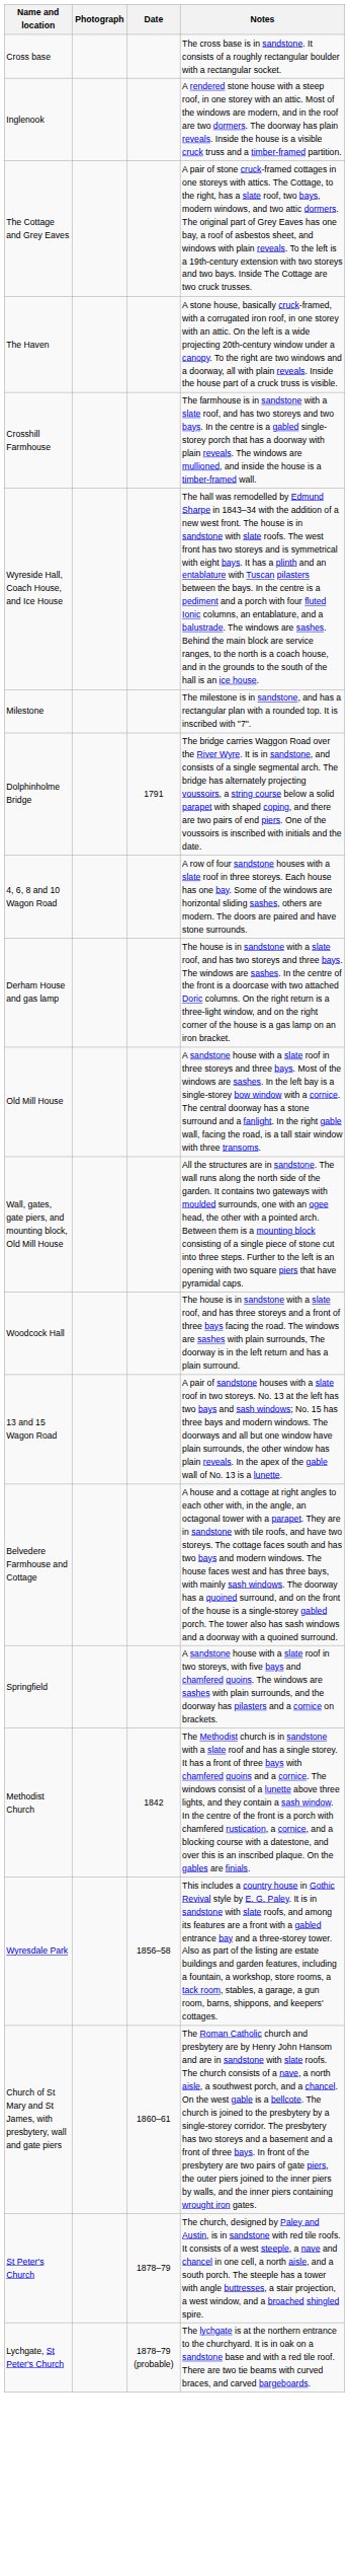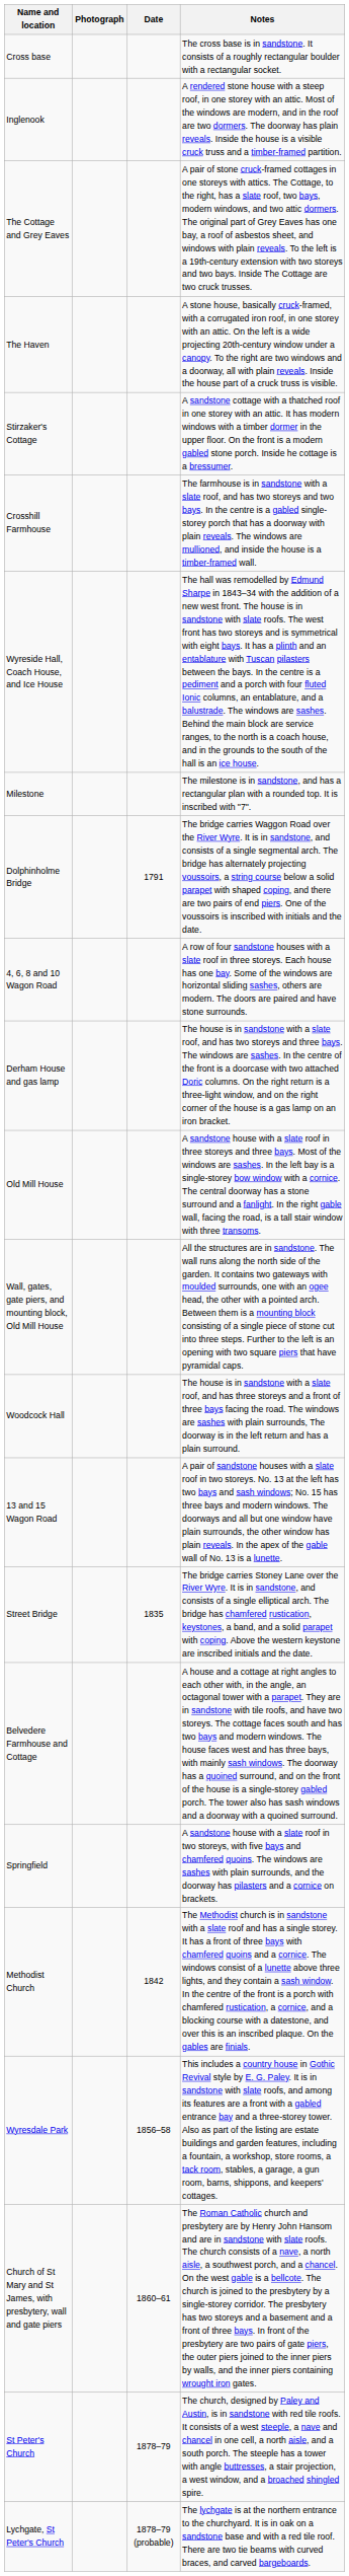 <table class="wikitable sortable plainrowheaders" style="width:100%;border:0px;text-align:left;line-height:150%;">
 <tr>
 <th scope="col"  style="width:150px">Name and location</th>
 <th scope="col"  style="width:100px" class="unsortable">Photograph</th>
 <th scope="col"  style="width:120px">Date</th>
 <th scope="col"  style="width:650px" class="unsortable">Notes</th>
 </tr>
 <tr>
 <td>Cross base<br><small></small></td>
 <td></td>
 <td align="center"></td>
 <td>The cross base is in <a href='#'>sandstone</a>.  It consists of a roughly rectangular boulder with a rectangular socket.</td>
 </tr>
 <tr>
 <td>Inglenook<br><small></small></td>
 <td></td>
 <td align="center"></td>
 <td>A <a href='#'>rendered</a> stone house with a steep roof, in one storey with an attic.  Most of the windows are modern, and in the roof are two <a href='#'>dormers</a>.  The doorway has plain <a href='#'>reveals</a>.  Inside the house is a visible <a href='#'>cruck</a> truss and a <a href='#'>timber-framed</a> partition.</td>
 </tr>
 <tr>
 <td>The Cottage and Grey Eaves<br><small></small></td>
 <td></td>
 <td align="center"></td>
 <td>A pair of stone <a href='#'>cruck</a>-framed cottages in one storeys with attics.  The Cottage, to the right, has a <a href='#'>slate</a> roof, two <a href='#'>bays</a>, modern windows, and two attic <a href='#'>dormers</a>.  The original part of Grey Eaves has one bay, a roof of asbestos sheet, and windows with plain <a href='#'>reveals</a>.  To the left is a 19th-century extension with two storeys and two bays.  Inside The Cottage are two cruck trusses.</td>
 </tr>
 <tr>
 <td>The Haven<br><small></small></td>
 <td></td>
 <td align="center"></td>
 <td>A stone house, basically <a href='#'>cruck</a>-framed, with a corrugated iron roof, in one storey with an attic.  On the left is a wide projecting 20th-century window under a <a href='#'>canopy</a>.  To the right are two windows and a doorway, all with plain <a href='#'>reveals</a>.  Inside the house part of a cruck truss is visible.</td>
+</tr>
+<tr>
+<td>Stirzaker's Cottage<br><small></small></td>
+<td></td>
+<td align="center"></td>
+<td>A <a href='#'>sandstone</a> cottage with a thatched roof in one storey with an attic.  It has modern windows with a timber <a href='#'>dormer</a> in the upper floor.  On the front is a modern <a href='#'>gabled</a> stone porch.  Inside he cottage is a <a href='#'>bressumer</a>.</td>
 </tr>
 <tr>
 <td>Crosshill Farmhouse<br><small></small></td>
 <td></td>
 <td align="center"></td>
 <td>The farmhouse is in <a href='#'>sandstone</a> with a <a href='#'>slate</a> roof, and has two storeys and two <a href='#'>bays</a>.  In the centre is a <a href='#'>gabled</a> single-storey porch that has a doorway with plain <a href='#'>reveals</a>.  The windows are <a href='#'>mullioned</a>, and inside the house is a <a href='#'>timber-framed</a> wall.</td>
 </tr>
 <tr>
 <td>Wyreside Hall, Coach House,<br>and Ice House<br><small></small></td>
 <td></td>
 <td align="center"></td>
 <td>The hall was remodelled by <a href='#'>Edmund Sharpe</a> in 1843–34 with the addition of a new west front.  The house is in <a href='#'>sandstone</a> with <a href='#'>slate</a> roofs.  The west front has two storeys and is symmetrical with eight <a href='#'>bays</a>.  It has a <a href='#'>plinth</a> and an <a href='#'>entablature</a> with <a href='#'>Tuscan</a> <a href='#'>pilasters</a> between the bays.  In the centre is a <a href='#'>pediment</a> and a porch with four <a href='#'>fluted</a> <a href='#'>Ionic</a> columns, an entablature, and a <a href='#'>balustrade</a>.  The windows are <a href='#'>sashes</a>.  Behind the main block are service ranges, to the north is a coach house, and in the grounds to the south of the hall is an <a href='#'>ice house</a>.</td>
 </tr>
 <tr>
 <td>Milestone<br><small></small></td>
 <td></td>
 <td align="center"></td>
 <td>The milestone is in <a href='#'>sandstone</a>, and has a rectangular plan with a rounded top.  It is inscribed with "7".</td>
 </tr>
 <tr>
 <td>Dolphinholme Bridge<br><small></small></td>
 <td></td>
 <td align="center">1791</td>
 <td>The bridge carries Waggon Road over the <a href='#'>River Wyre</a>.  It is in <a href='#'>sandstone</a>, and consists of a single segmental arch.  The bridge has alternately projecting <a href='#'>voussoirs</a>, a <a href='#'>string course</a> below a solid <a href='#'>parapet</a> with shaped <a href='#'>coping</a>, and there are two pairs of end <a href='#'>piers</a>.  One of the voussoirs is inscribed with initials and the date.</td>
 </tr>
 <tr>
 <td>4, 6, 8 and 10 Wagon Road<br><small></small></td>
 <td></td>
 <td align="center"></td>
 <td>A row of four <a href='#'>sandstone</a> houses with a <a href='#'>slate</a> roof in three storeys.  Each house has one <a href='#'>bay</a>.  Some of the windows are horizontal sliding <a href='#'>sashes</a>, others are modern.  The doors are paired and have stone surrounds.</td>
 </tr>
 <tr>
 <td>Derham House and gas lamp<br><small></small></td>
 <td></td>
 <td align="center"></td>
 <td>The house is in <a href='#'>sandstone</a> with a <a href='#'>slate</a> roof, and has two storeys and three <a href='#'>bays</a>.  The windows are <a href='#'>sashes</a>.  In the centre of the front is a doorcase with two attached <a href='#'>Doric</a> columns.  On the right return is a three-light window, and on the right corner of the house is a gas lamp on an iron bracket.</td>
 </tr>
 <tr>
 <td>Old Mill House<br><small></small></td>
 <td></td>
 <td align="center"></td>
 <td>A <a href='#'>sandstone</a> house with a <a href='#'>slate</a> roof in three storeys and three <a href='#'>bays</a>.  Most of the windows are <a href='#'>sashes</a>.  In the left bay is a single-storey <a href='#'>bow window</a> with a <a href='#'>cornice</a>.  The central doorway has a stone surround and a <a href='#'>fanlight</a>.  In the right <a href='#'>gable</a> wall, facing the road, is a tall stair window with three <a href='#'>transoms</a>.</td>
 </tr>
 <tr>
 <td>Wall, gates, gate piers, and mounting block, Old Mill House<br><small></small></td>
 <td></td>
 <td align="center"></td>
 <td>All the structures are in <a href='#'>sandstone</a>.  The wall runs along the north side of the garden.  It contains two gateways with <a href='#'>moulded</a> surrounds, one with an <a href='#'>ogee</a> head, the other with a pointed arch.  Between them is a <a href='#'>mounting block</a> consisting of a single piece of stone cut into three steps.  Further to the left is an opening with two square <a href='#'>piers</a> that have pyramidal caps.</td>
 </tr>
 <tr>
 <td>Woodcock Hall<br><small></small></td>
 <td></td>
 <td align="center"></td>
 <td>The house is in <a href='#'>sandstone</a> with a <a href='#'>slate</a> roof, and has three storeys and a front of three <a href='#'>bays</a> facing the road.  The windows are <a href='#'>sashes</a> with plain surrounds,  The doorway is in the left return and has a plain surround.</td>
 </tr>
 <tr>
 <td>13 and 15 Wagon Road<br><small></small></td>
 <td></td>
 <td align="center"></td>
 <td>A pair of <a href='#'>sandstone</a> houses with a <a href='#'>slate</a> roof in two storeys.  No. 13 at the left has two <a href='#'>bays</a> and <a href='#'>sash windows</a>; No. 15 has three bays and modern windows.  The doorways and all but one window have plain surrounds, the other window has plain <a href='#'>reveals</a>.  In the apex of the <a href='#'>gable</a> wall of No. 13 is a <a href='#'>lunette</a>.</td>
 </tr>
 <tr>
+<td>Street Bridge<br><small></small></td>
+<td></td>
+<td align="center">1835</td>
+<td>The bridge carries Stoney Lane over the <a href='#'>River Wyre</a>.  It is in <a href='#'>sandstone</a>, and consists of a single elliptical arch.  The bridge has <a href='#'>chamfered</a> <a href='#'>rustication</a>, <a href='#'>keystones</a>, a band, and a solid <a href='#'>parapet</a> with <a href='#'>coping</a>.  Above the western keystone are inscribed initials and the date.</td>
+</tr>
+<tr>
 <td>Belvedere Farmhouse and Cottage<br><small></small></td>
 <td></td>
 <td align="center"></td>
 <td>A house and a cottage at right angles to each other with, in the angle, an octagonal tower with a <a href='#'>parapet</a>.  They are in <a href='#'>sandstone</a> with tile roofs, and have two storeys.  The cottage faces south and has two <a href='#'>bays</a> and modern windows.  The house faces west and has three bays, with mainly <a href='#'>sash windows</a>.  The doorway has a <a href='#'>quoined</a> surround, and on the front of the house is a single-storey <a href='#'>gabled</a> porch.  The tower also has sash windows and a doorway with a quoined surround.</td>
 </tr>
 <tr>
 <td>Springfield<br><small></small></td>
 <td></td>
 <td align="center"></td>
 <td>A <a href='#'>sandstone</a> house with a <a href='#'>slate</a> roof in two storeys, with five <a href='#'>bays</a> and <a href='#'>chamfered</a> <a href='#'>quoins</a>.  The windows are <a href='#'>sashes</a> with plain surrounds, and the doorway has <a href='#'>pilasters</a> and a <a href='#'>cornice</a> on brackets.</td>
 </tr>
 <tr>
 <td>Methodist Church<br><small></small></td>
 <td></td>
 <td align="center">1842</td>
 <td>The <a href='#'>Methodist</a> church is in <a href='#'>sandstone</a> with a <a href='#'>slate</a> roof and has a single storey.  It has a front of three <a href='#'>bays</a> with <a href='#'>chamfered</a> <a href='#'>quoins</a> and a <a href='#'>cornice</a>.  The windows consist of a <a href='#'>lunette</a> above three lights, and they contain a <a href='#'>sash window</a>.  In the centre of the front is a porch with chamfered <a href='#'>rustication</a>, a <a href='#'>cornice</a>, and a blocking course with a datestone, and over this is an inscribed plaque.  On the <a href='#'>gables</a> are <a href='#'>finials</a>.</td>
 </tr>
 <tr>
 <td><a href='#'>Wyresdale Park</a><br><small></small></td>
 <td></td>
 <td align="center">1856–58</td>
 <td>This includes a <a href='#'>country house</a> in <a href='#'>Gothic Revival</a> style by <a href='#'>E. G. Paley</a>.  It is in <a href='#'>sandstone</a> with <a href='#'>slate</a> roofs, and among its features are a front with a <a href='#'>gabled</a> entrance <a href='#'>bay</a> and a three-storey tower.  Also as part of the listing are estate buildings and garden features, including a fountain, a workshop, store rooms, a <a href='#'>tack room</a>, stables, a garage, a gun room, barns, shippons, and keepers' cottages.</td>
 </tr>
 <tr>
 <td>Church of St Mary and St James, with presbytery, wall and gate piers<br><small></small></td>
 <td></td>
 <td align="center">1860–61</td>
 <td>The <a href='#'>Roman Catholic</a> church and presbytery are by Henry John Hansom and are in <a href='#'>sandstone</a> with <a href='#'>slate</a> roofs.  The church consists of a <a href='#'>nave</a>, a north <a href='#'>aisle</a>, a southwest porch, and a <a href='#'>chancel</a>.  On the west <a href='#'>gable</a> is a <a href='#'>bellcote</a>.  The church is joined to the presbytery by a single-storey corridor.  The presbytery has two storeys and a basement and a front of three <a href='#'>bays</a>.  In front of the presbytery are two pairs of gate <a href='#'>piers</a>, the outer piers joined to the inner piers by walls, and the inner piers containing <a href='#'>wrought iron</a> gates.</td>
 </tr>
 <tr>
 <td><a href='#'>St Peter's Church</a><br><small></small></td>
 <td></td>
 <td align="center">1878–79</td>
 <td>The church, designed by <a href='#'>Paley and Austin</a>, is in <a href='#'>sandstone</a> with red tile roofs.  It consists of a west <a href='#'>steeple</a>, a <a href='#'>nave</a> and <a href='#'>chancel</a> in one cell, a north <a href='#'>aisle</a>, and a south porch.  The steeple has a tower with angle <a href='#'>buttresses</a>, a stair projection, a west window, and a <a href='#'>broached</a> <a href='#'>shingled</a> spire.</td>
 </tr>
 <tr>
 <td>Lychgate, <a href='#'>St Peter's Church</a><br><small></small></td>
 <td></td>
 <td align="center">1878–79 (probable)</td>
 <td>The <a href='#'>lychgate</a> is at the northern entrance to the churchyard.  It is in oak on a <a href='#'>sandstone</a> base and with a red tile roof.  There are two tie beams with curved braces, and carved <a href='#'>bargeboards</a>.</td>
 </tr>
 <tr>
 </tr>
 </table>
